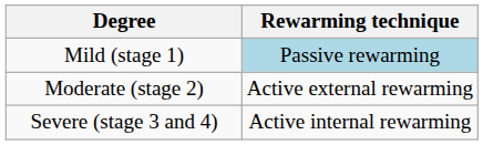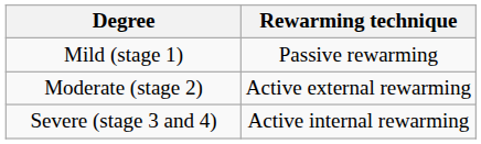 <table class="wikitable" style = "float: right; margin-left:15px; text-align:center">
 <tr>
 <th>Degree</th>
 <th>Rewarming technique</th>
 </tr>
 <tr>
 <td width=50%>Mild (stage 1)</td>
-<td style="background: lightblue;">Passive rewarming</td>
+<td>Passive rewarming</td>
 </tr>
 <tr>
 <td>Moderate (stage 2)</td>
 <td>Active external rewarming</td>
 </tr>
 <tr>
 <td>Severe (stage 3 and 4)</td>
 <td>Active internal rewarming</td>
 </tr>
 </table>
